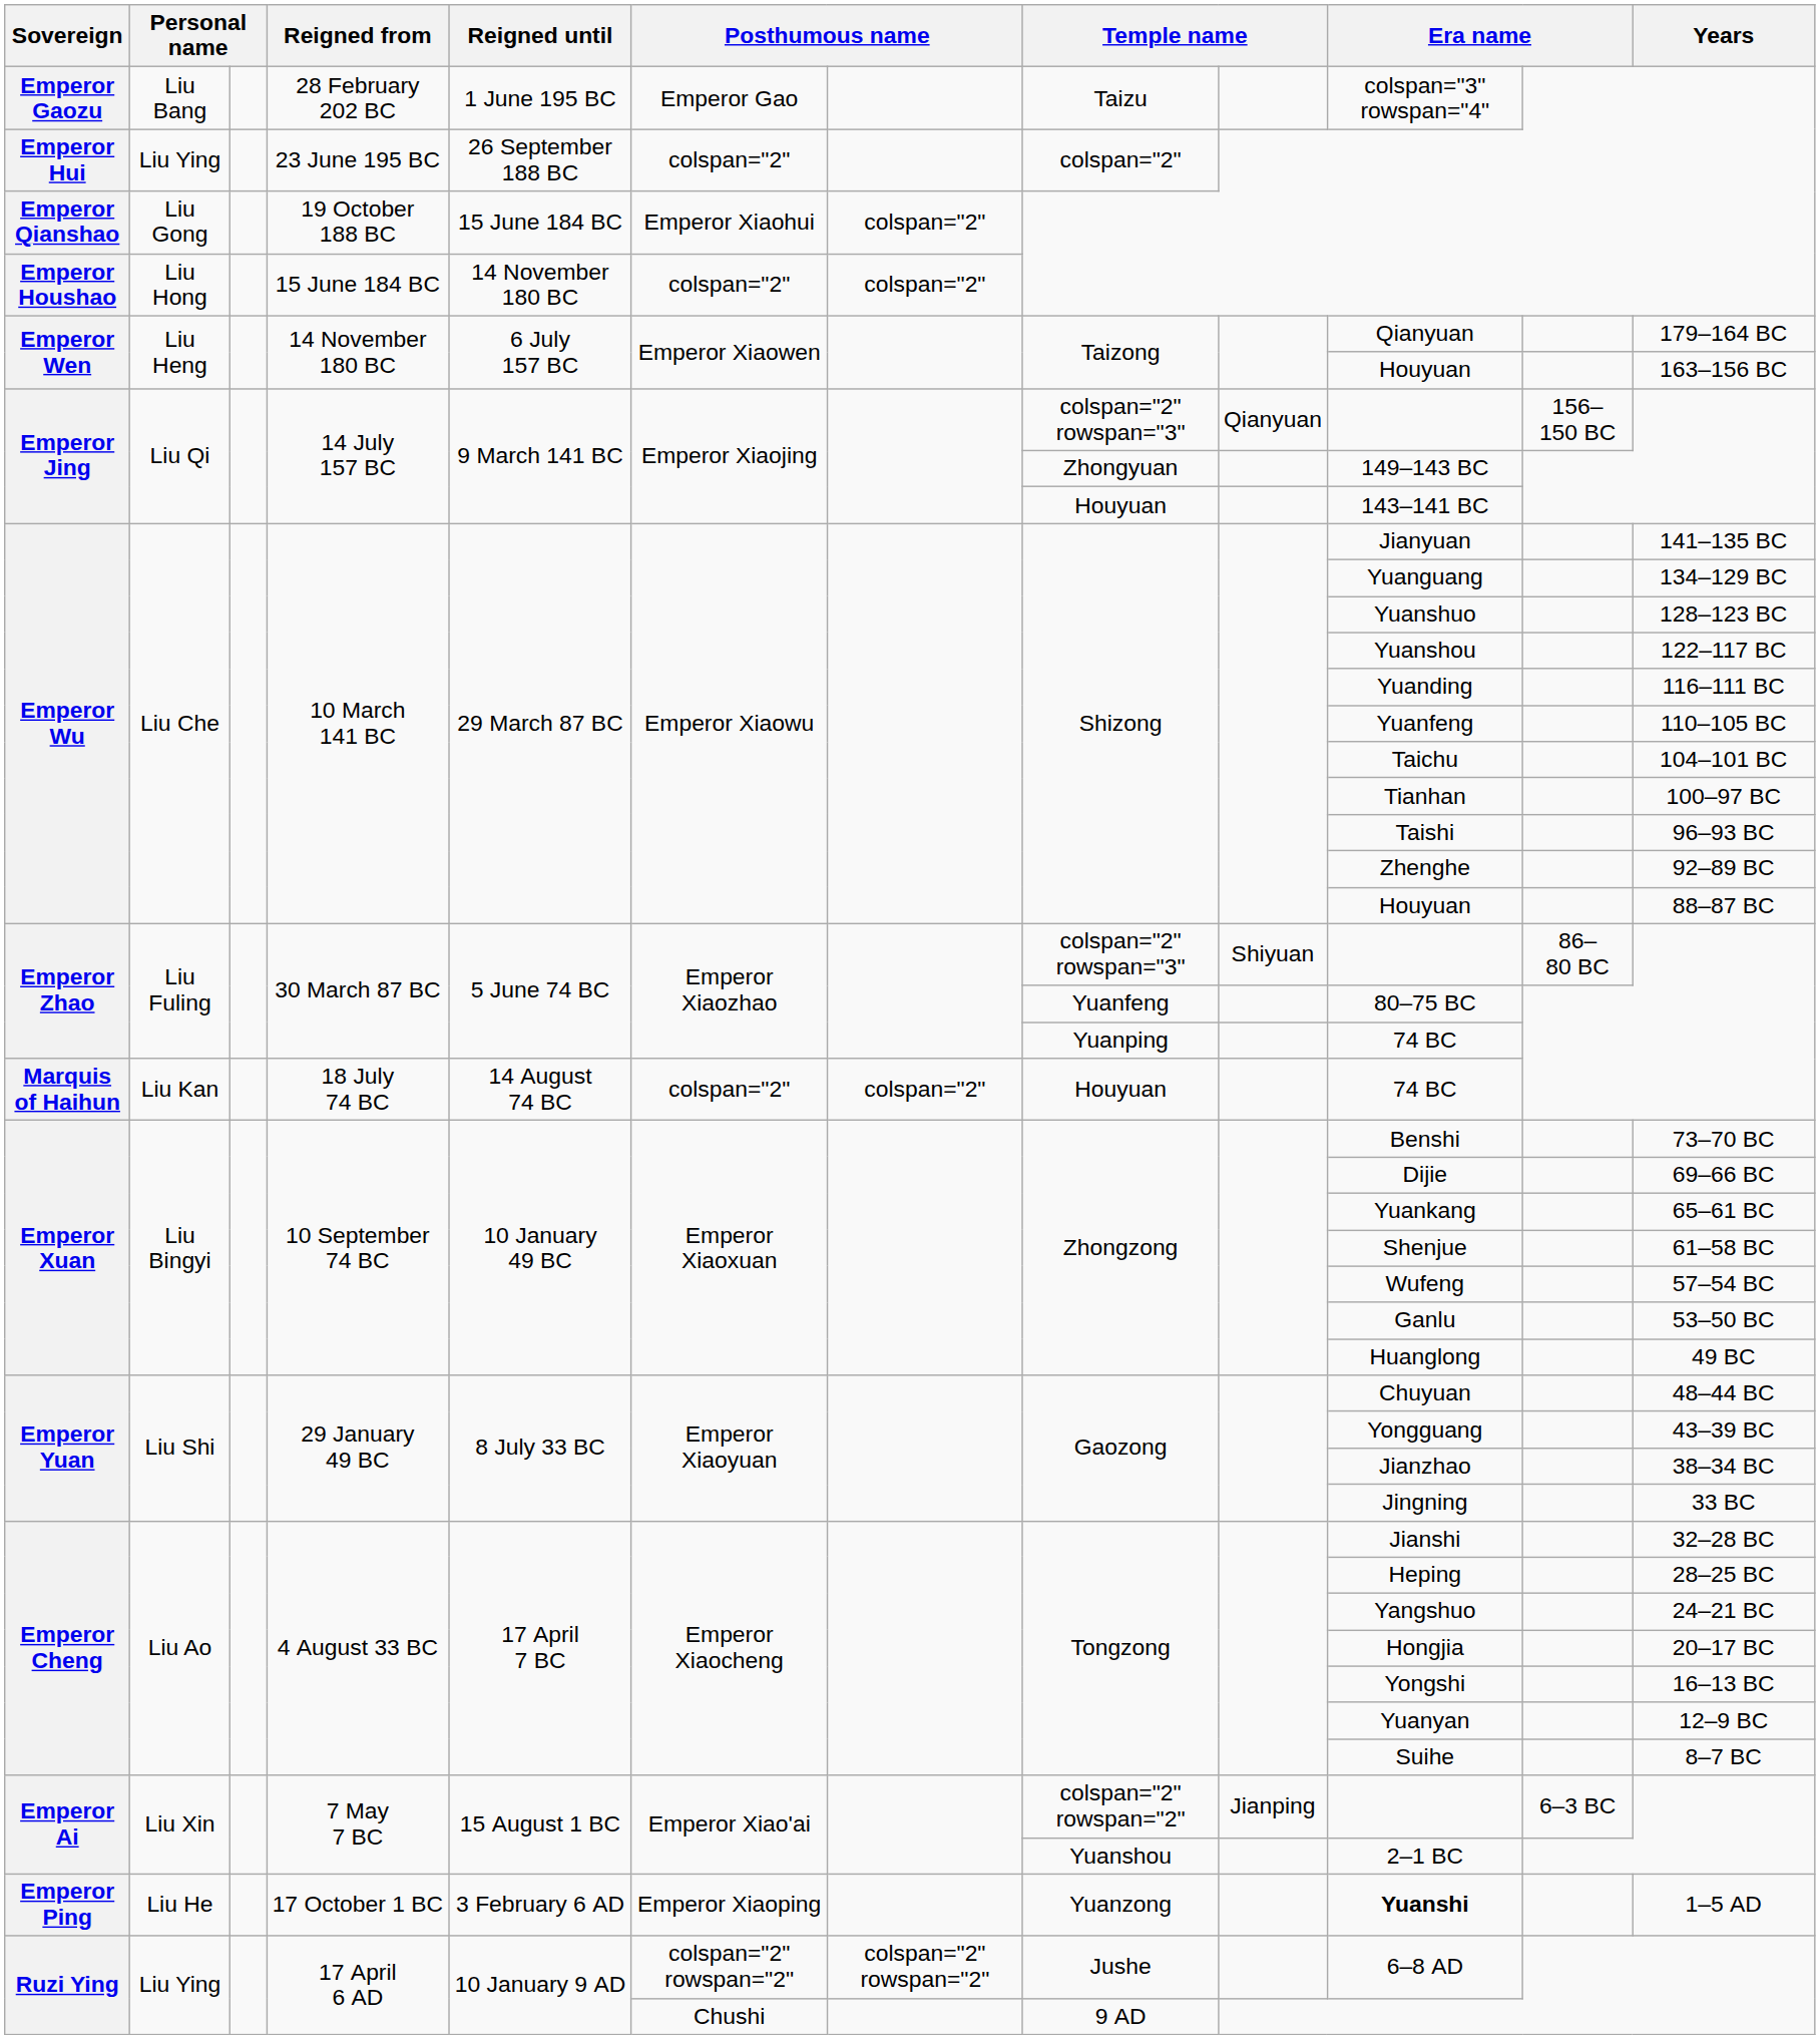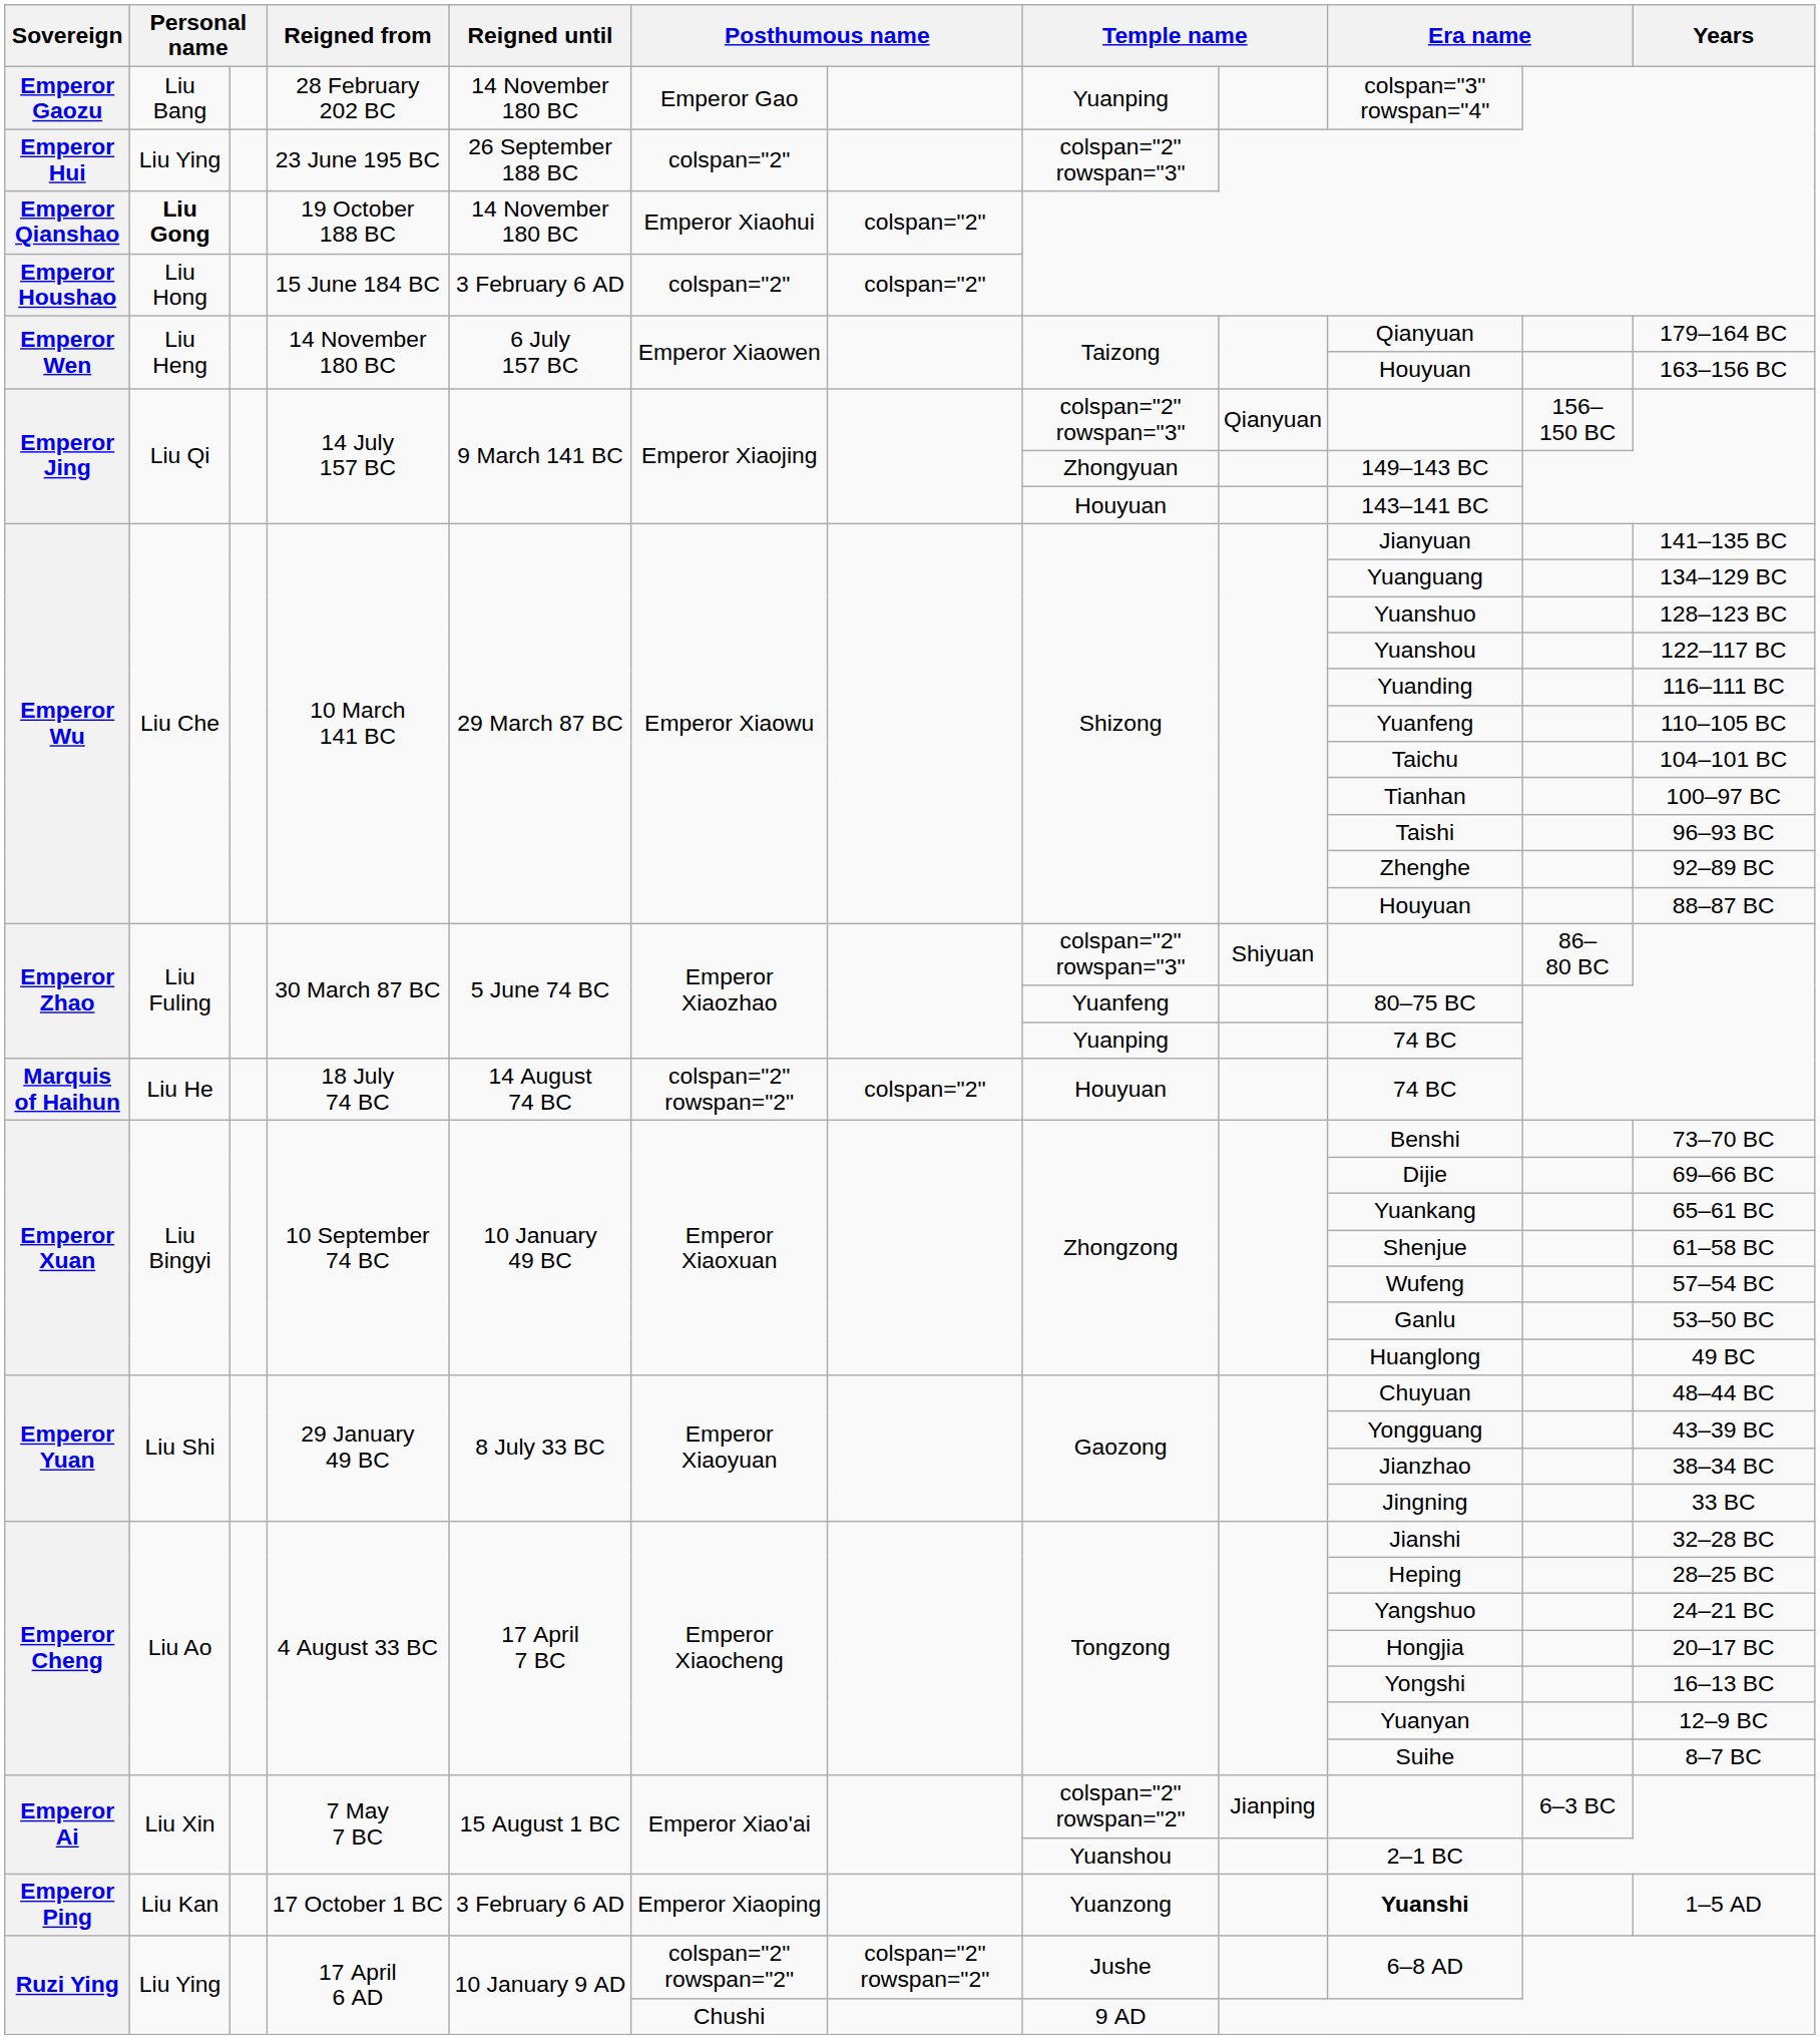 <table class="wikitable plainrowreaders" style="width:100%; text-align:center">
 <tr>
 <th scope="col" style="width:5em">Sovereign</th>
 <th colspan="2" scope="col">Personal name</th>
 <th scope="col" style="width:7.5em">Reigned from</th>
 <th scope="col" style="width:7.5em">Reigned until</th>
 <th colspan="2"><a href='#'>Posthumous name</a></th>
 <th scope="col" colspan="2"><a href='#'>Temple name</a></th>
 <th scope="col" colspan="2"><a href='#'>Era name</a></th>
 <th scope="col" style="width:7.5em">Years</th>
 </tr>
 <tr>
 <th scope="row"><a href='#'>Emperor Gaozu</a></th>
 <td>Liu Bang</td>
 <td style="min-width:1ic"></td>
 <td>28 February 202 BC</td>
-<td>1 June 195 BC</td>
+<td>14 November 180 BC</td>
 <td>Emperor Gao</td>
 <td style="min-width:1ic"></td>
-<td>Taizu</td>
+<td>Yuanping</td>
 <td style="min-width:1ic"></td>
 <td>colspan="3" rowspan="4" </td>
 </tr>
 <tr>
 <th scope="row"><a href='#'>Emperor Hui</a></th>
 <td>Liu Ying</td>
 <td></td>
 <td>23 June 195 BC</td>
 <td>26 September 188 BC</td>
 <td>colspan="2" </td>
 <td></td>
-<td>colspan="2" </td>
+<td>colspan="2" rowspan="3" </td>
 </tr>
 <tr>
 <th scope="row"><a href='#'>Emperor Qianshao</a></th>
-<td>Liu Gong</td>
+<td><strong>Liu Gong</strong></td>
 <td></td>
 <td>19 October 188 BC</td>
-<td>15 June 184 BC</td>
+<td>14 November 180 BC</td>
 <td>Emperor Xiaohui</td>
 <td>colspan="2" </td>
 </tr>
 <tr>
 <th scope="row"><a href='#'>Emperor Houshao</a></th>
 <td>Liu Hong</td>
 <td></td>
 <td>15 June 184 BC</td>
-<td>14 November 180 BC</td>
+<td>3 February 6 AD</td>
 <td>colspan="2" </td>
 <td>colspan="2" </td>
 </tr>
 <tr>
 <th scope="row" rowspan="2"><a href='#'>Emperor Wen</a></th>
 <td rowspan="2">Liu Heng</td>
 <td rowspan="2"></td>
 <td rowspan="2">14 November 180 BC</td>
 <td rowspan="2">6 July<br>157 BC</td>
 <td rowspan="2">Emperor Xiaowen</td>
 <td rowspan="2"></td>
 <td rowspan="2">Taizong</td>
 <td rowspan="2"></td>
 <td>Qianyuan</td>
 <td></td>
 <td>179–164 BC</td>
 </tr>
 <tr>
 <td>Houyuan</td>
 <td></td>
 <td>163–156 BC</td>
 </tr>
 <tr>
 <th scope="row" rowspan="3"><a href='#'>Emperor Jing</a></th>
 <td rowspan="3">Liu Qi</td>
 <td rowspan="3"></td>
 <td rowspan="3">14 July<br>157 BC</td>
 <td rowspan="3">9 March 141 BC</td>
 <td rowspan="3">Emperor Xiaojing</td>
 <td rowspan="3"></td>
 <td>colspan="2" rowspan="3" </td>
 <td>Qianyuan</td>
 <td></td>
 <td>156–150 BC</td>
 </tr>
 <tr>
 <td>Zhongyuan</td>
 <td></td>
 <td>149–143 BC</td>
 </tr>
 <tr>
 <td>Houyuan</td>
 <td></td>
 <td>143–141 BC</td>
 </tr>
 <tr>
 <th scope="row" rowspan="11"><a href='#'>Emperor Wu</a></th>
 <td rowspan="11">Liu Che</td>
 <td rowspan="11"></td>
 <td rowspan="11">10 March 141 BC</td>
 <td rowspan="11">29 March 87 BC</td>
 <td rowspan="11">Emperor Xiaowu</td>
 <td rowspan="11"></td>
 <td rowspan="11">Shizong</td>
 <td rowspan="11"></td>
 <td>Jianyuan</td>
 <td></td>
 <td>141–135 BC</td>
 </tr>
 <tr>
 <td>Yuanguang</td>
 <td></td>
 <td>134–129 BC</td>
 </tr>
 <tr>
 <td>Yuanshuo</td>
 <td></td>
 <td>128–123 BC</td>
 </tr>
 <tr>
 <td>Yuanshou</td>
 <td></td>
 <td>122–117 BC</td>
 </tr>
 <tr>
 <td>Yuanding</td>
 <td></td>
 <td>116–111 BC</td>
 </tr>
 <tr>
 <td>Yuanfeng</td>
 <td></td>
 <td>110–105 BC</td>
 </tr>
 <tr>
 <td>Taichu</td>
 <td></td>
 <td>104–101 BC</td>
 </tr>
 <tr>
 <td>Tianhan</td>
 <td></td>
 <td>100–97 BC</td>
 </tr>
 <tr>
 <td>Taishi</td>
 <td></td>
 <td>96–93 BC</td>
 </tr>
 <tr>
 <td>Zhenghe</td>
 <td></td>
 <td>92–89 BC</td>
 </tr>
 <tr>
 <td>Houyuan</td>
 <td></td>
 <td>88–87 BC</td>
 </tr>
 <tr>
 <th scope="row" rowspan="3"><a href='#'>Emperor Zhao</a></th>
 <td rowspan="3">Liu Fuling</td>
 <td rowspan="3"></td>
 <td rowspan="3">30 March 87 BC</td>
 <td rowspan="3">5 June 74 BC</td>
 <td rowspan="3">Emperor Xiaozhao</td>
 <td rowspan="3"></td>
 <td>colspan="2" rowspan="3" </td>
 <td>Shiyuan</td>
 <td></td>
 <td>86–80 BC</td>
 </tr>
 <tr>
 <td>Yuanfeng</td>
 <td></td>
 <td>80–75 BC</td>
 </tr>
 <tr>
 <td>Yuanping</td>
 <td></td>
 <td>74 BC</td>
 </tr>
 <tr>
 <th scope="row"><a href='#'>Marquis of Haihun</a></th>
-<td>Liu Kan</td>
+<td>Liu He</td>
 <td></td>
 <td>18 July<br>74 BC</td>
 <td>14 August 74 BC</td>
-<td>colspan="2" </td>
+<td>colspan="2" rowspan="2" </td>
 <td>colspan="2" </td>
 <td>Houyuan</td>
 <td></td>
 <td>74 BC</td>
 </tr>
 <tr>
 <th scope="row" rowspan="7"><a href='#'>Emperor Xuan</a></th>
 <td rowspan="7">Liu Bingyi</td>
 <td rowspan="7"></td>
 <td rowspan="7">10 September 74 BC</td>
 <td rowspan="7">10 January 49 BC</td>
 <td rowspan="7">Emperor Xiaoxuan</td>
 <td rowspan="7"></td>
 <td rowspan="7">Zhongzong</td>
 <td rowspan="7"></td>
 <td>Benshi</td>
 <td></td>
 <td>73–70 BC</td>
 </tr>
 <tr>
 <td>Dijie</td>
 <td></td>
 <td>69–66 BC</td>
 </tr>
 <tr>
 <td>Yuankang</td>
 <td></td>
 <td>65–61 BC</td>
 </tr>
 <tr>
 <td>Shenjue</td>
 <td></td>
 <td>61–58 BC</td>
 </tr>
 <tr>
 <td>Wufeng</td>
 <td></td>
 <td>57–54 BC</td>
 </tr>
 <tr>
 <td>Ganlu</td>
 <td></td>
 <td>53–50 BC</td>
 </tr>
 <tr>
 <td>Huanglong</td>
 <td></td>
 <td>49 BC</td>
 </tr>
 <tr>
 <th scope="row" rowspan="4"><a href='#'>Emperor Yuan</a></th>
 <td rowspan="4">Liu Shi</td>
 <td rowspan="4"></td>
 <td rowspan="4">29 January 49 BC</td>
 <td rowspan="4">8 July 33 BC</td>
 <td rowspan="4">Emperor Xiaoyuan</td>
 <td rowspan="4"></td>
 <td rowspan="4">Gaozong</td>
 <td rowspan="4"></td>
 <td>Chuyuan</td>
 <td></td>
 <td>48–44 BC</td>
 </tr>
 <tr>
 <td>Yongguang</td>
 <td></td>
 <td>43–39 BC</td>
 </tr>
 <tr>
 <td>Jianzhao</td>
 <td></td>
 <td>38–34 BC</td>
 </tr>
 <tr>
 <td>Jingning</td>
 <td></td>
 <td>33 BC</td>
 </tr>
 <tr>
 <th scope="row" rowspan="7"><a href='#'>Emperor Cheng</a></th>
 <td rowspan="7">Liu Ao</td>
 <td rowspan="7"></td>
 <td rowspan="7">4 August 33 BC</td>
 <td rowspan="7">17 April<br>7 BC</td>
 <td rowspan="7">Emperor Xiaocheng</td>
 <td rowspan="7"></td>
 <td rowspan="7">Tongzong</td>
 <td rowspan="7"></td>
 <td>Jianshi</td>
 <td></td>
 <td>32–28 BC</td>
 </tr>
 <tr>
 <td>Heping</td>
 <td></td>
 <td>28–25 BC</td>
 </tr>
 <tr>
 <td>Yangshuo</td>
 <td></td>
 <td>24–21 BC</td>
 </tr>
 <tr>
 <td>Hongjia</td>
 <td></td>
 <td>20–17 BC</td>
 </tr>
 <tr>
 <td>Yongshi</td>
 <td></td>
 <td>16–13 BC</td>
 </tr>
 <tr>
 <td>Yuanyan</td>
 <td></td>
 <td>12–9 BC</td>
 </tr>
 <tr>
 <td>Suihe</td>
 <td></td>
 <td>8–7 BC</td>
 </tr>
 <tr>
 <th scope="row" rowspan="2"><a href='#'>Emperor Ai</a></th>
 <td rowspan="2">Liu Xin</td>
 <td rowspan="2"></td>
 <td rowspan="2">7 May<br>7 BC</td>
 <td rowspan="2">15 August 1 BC</td>
 <td rowspan="2">Emperor Xiao'ai</td>
 <td rowspan="2"></td>
 <td>colspan="2" rowspan="2" </td>
 <td>Jianping</td>
 <td></td>
 <td>6–3 BC</td>
 </tr>
 <tr>
 <td>Yuanshou</td>
 <td></td>
 <td>2–1 BC</td>
 </tr>
 <tr>
 <th scope="row"><a href='#'>Emperor Ping</a></th>
-<td>Liu He</td>
+<td>Liu Kan</td>
 <td></td>
 <td>17 October 1 BC</td>
 <td>3 February 6 AD</td>
 <td>Emperor Xiaoping</td>
 <td></td>
 <td>Yuanzong</td>
 <td></td>
 <td><strong>Yuanshi</strong></td>
 <td></td>
 <td>1–5 AD</td>
 </tr>
 <tr>
 <th scope="row" rowspan="2"><a href='#'>Ruzi Ying</a></th>
 <td rowspan="2">Liu Ying</td>
 <td rowspan="2"></td>
 <td rowspan="2">17 April<br>6 AD</td>
 <td rowspan="2">10 January 9 AD</td>
 <td>colspan="2" rowspan="2" </td>
 <td>colspan="2" rowspan="2" </td>
 <td>Jushe</td>
 <td style="min-width:1ic"></td>
 <td>6–8 AD</td>
 </tr>
 <tr>
 <td>Chushi</td>
 <td style="min-width:1ic"></td>
 <td>9 AD</td>
 </tr>
 </table>
